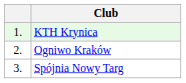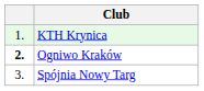 <table class="wikitable">
 <tr>
 <th width="30"></th>
 <th width="200">Club</th>
 </tr>
 <tr bgcolor="#e6fae6" align="center">
 <td>1.</td>
 <td align="left"><a href='#'>KTH Krynica</a></td>
 </tr>
 <tr bgcolor="#FFFFFF" align="center">
-<td>2.</td>
+<td><strong>2.</strong></td>
 <td align="left"><a href='#'>Ogniwo Kraków</a></td>
 </tr>
 <tr bgcolor="#FFFFFF" align="center">
 <td>3.</td>
 <td align="left"><a href='#'>Spójnia Nowy Targ</a></td>
 </tr>
 </table>
